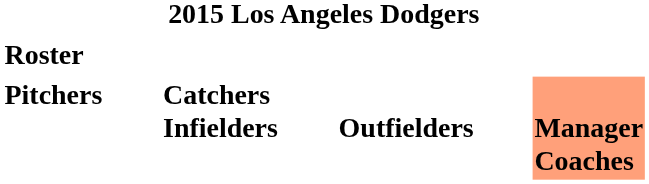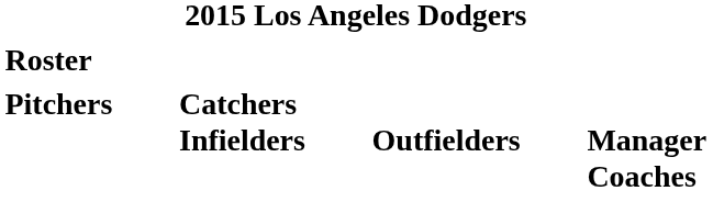 <table class="toccolours" style="font-size: 95%;">
 <tr>
 <th colspan="10">2015 Los Angeles Dodgers</th>
 </tr>
 <tr>
 <td colspan="10"><strong>Roster</strong></td>
 </tr>
 <tr>
 <td valign="top"><strong>Pitchers</strong><br>                               </td>
 <td width="25px"></td>
 <td valign="top"><strong>Catchers</strong><br>   <strong>Infielders</strong>           </td>
 <td width="25px"></td>
 <td valign="top"><br><strong>Outfielders</strong>           </td>
 <td width="25px"></td>
-<td valign="top" style="background: lightsalmon;"><br><strong>Manager</strong> <br><strong>Coaches</strong>                        </td>
+<td valign="top"><br><strong>Manager</strong> <br><strong>Coaches</strong>                        </td>
 </tr>
 </table>
